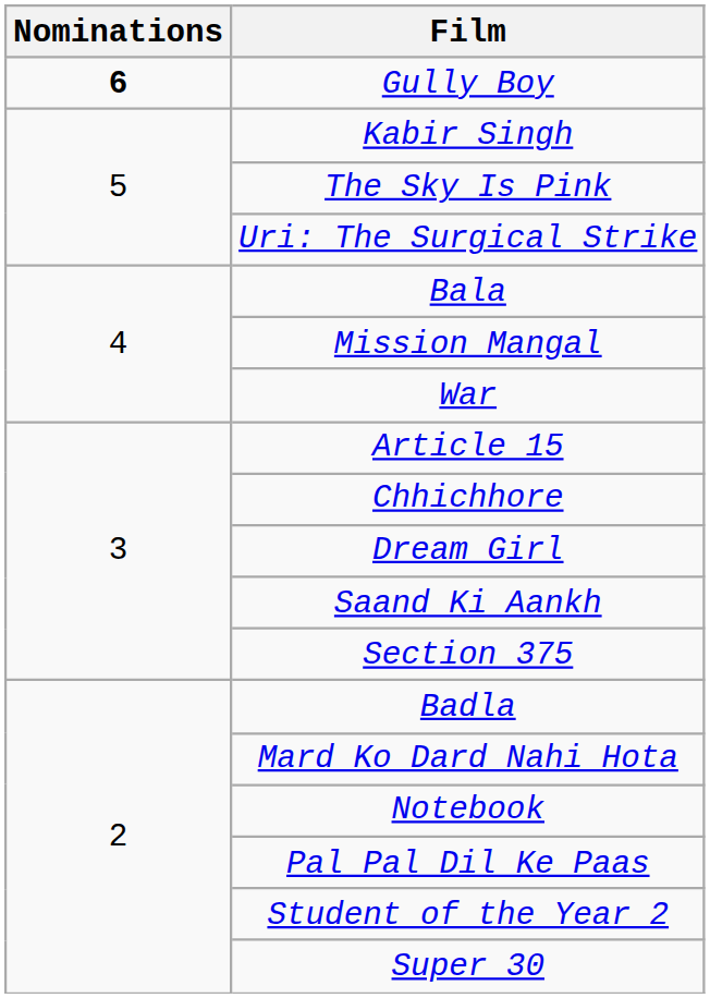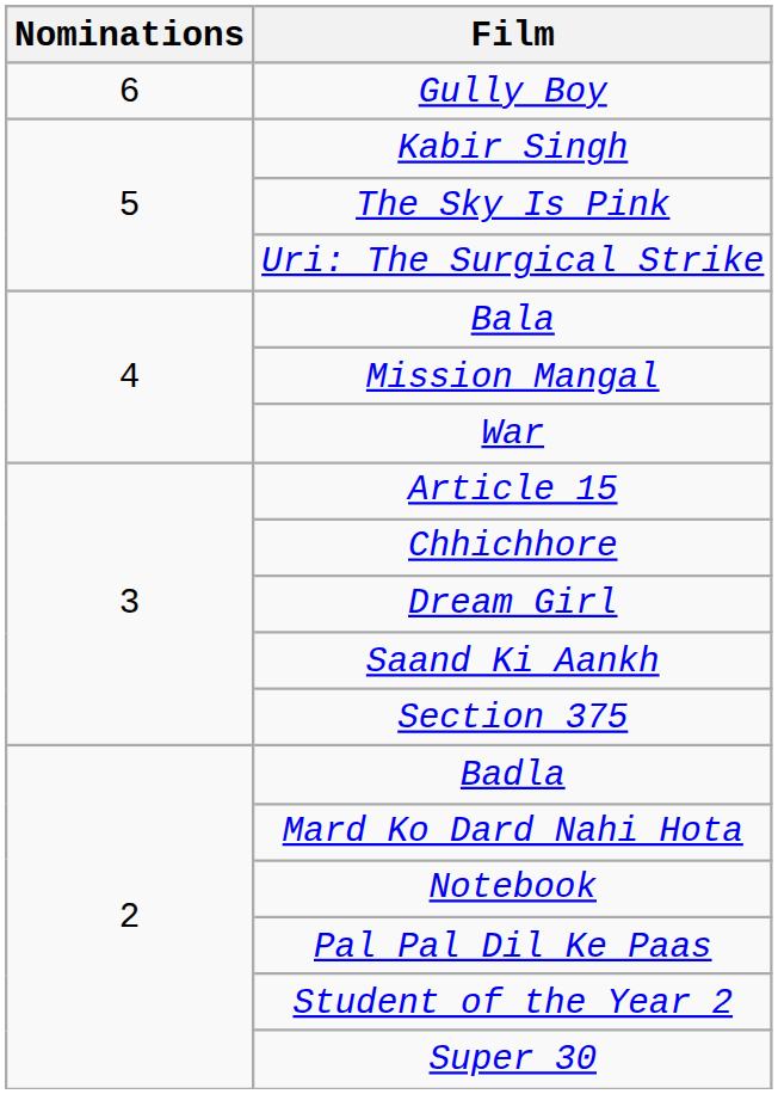 <table class="wikitable plainrowheaders" style="text-align:center;">
 <tr>
 <th scope="col" style="width:55px;">Nominations</th>
 <th scope="col" style="text-align:center;">Film</th>
 </tr>
 <tr>
-<td scope="row" style="text-align:center"><strong>6</strong></td>
+<td scope="row" style="text-align:center">6</td>
 <td><em><a href='#'>Gully Boy</a></em></td>
 </tr>
 <tr>
 <td rowspan="3" scope="row" style="text-align:center">5</td>
 <td><em><a href='#'>Kabir Singh</a></em></td>
 </tr>
 <tr>
 <td><em><a href='#'>The Sky Is Pink</a></em></td>
 </tr>
 <tr>
 <td><em><a href='#'>Uri: The Surgical Strike</a></em></td>
 </tr>
 <tr>
 <td rowspan="3">4</td>
 <td><a href='#'><em>Bala</em></a></td>
 </tr>
 <tr>
 <td><em><a href='#'>Mission Mangal</a></em></td>
 </tr>
 <tr>
 <td><a href='#'><em>War</em></a></td>
 </tr>
 <tr>
 <td rowspan="5">3</td>
 <td><a href='#'><em>Article 15</em></a></td>
 </tr>
 <tr>
 <td><em><a href='#'>Chhichhore</a></em></td>
 </tr>
 <tr>
 <td><a href='#'><em>Dream Girl</em></a></td>
 </tr>
 <tr>
 <td><em><a href='#'>Saand Ki Aankh</a></em></td>
 </tr>
 <tr>
 <td><em><a href='#'>Section 375</a></em></td>
 </tr>
 <tr>
 <td rowspan="6" scope="row" style="text-align:center;">2</td>
 <td><a href='#'><em>Badla</em></a></td>
 </tr>
 <tr>
 <td><em><a href='#'>Mard Ko Dard Nahi Hota</a></em></td>
 </tr>
 <tr>
 <td><a href='#'><em>Notebook</em></a></td>
 </tr>
 <tr>
 <td><em><a href='#'>Pal Pal Dil Ke Paas</a></em></td>
 </tr>
 <tr>
 <td><em><a href='#'>Student of the Year 2</a></em></td>
 </tr>
 <tr>
 <td><a href='#'><em>Super 30</em></a></td>
 </tr>
 </table>
